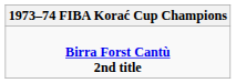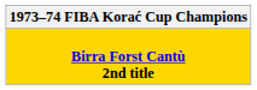 <table class=wikitable style="text-align:center; margin:auto">
 <tr>
 <th>1973–74 FIBA Korać Cup Champions</th>
 </tr>
 <tr>
-<td><br> <strong><a href='#'>Birra Forst Cantù</a></strong> <br> <strong>2nd title</strong></td>
+<td style="background: gold;"><br> <strong><a href='#'>Birra Forst Cantù</a></strong> <br> <strong>2nd title</strong></td>
 </tr>
 </table>
